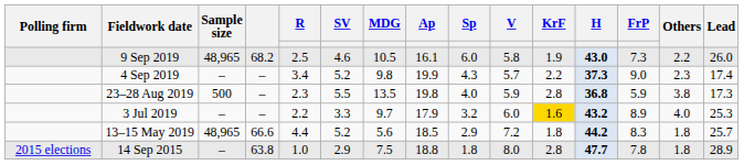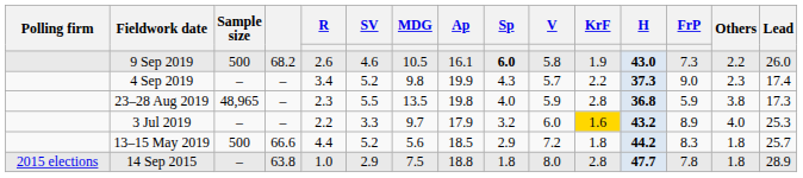 <table class="wikitable sortable" style="text-align:center;font-size:90%;line-height:14px;">
 <tr style="height:40px;">
 <th style="width:100px;" rowspan="2">Polling firm</th>
 <th style="width:100px;" rowspan="2">Fieldwork date</th>
 <th style="width:35px;" rowspan="2">Sample<br>size</th>
 <th style="width:30px;" rowspan="2"></th>
 <th class="unsortable" style="width:40px;"><a href='#'>R</a></th>
 <th class="unsortable" style="width:40px;"><a href='#'>SV</a></th>
 <th class="unsortable" style="width:40px;"><a href='#'>MDG</a></th>
 <th class="unsortable" style="width:40px;"><a href='#'>Ap</a></th>
 <th class="unsortable" style="width:40px;"><a href='#'>Sp</a></th>
 <th class="unsortable" style="width:40px;"><a href='#'>V</a></th>
 <th class="unsortable" style="width:40px;"><a href='#'>KrF</a></th>
 <th class="unsortable" style="width:40px;"><a href='#'>H</a></th>
 <th class="unsortable" style="width:40px;"><a href='#'>FrP</a></th>
 <th class="unsortable" style="width:30px;" rowspan="2">Others</th>
 <th style="width:30px;" rowspan="2">Lead</th>
 </tr>
 <tr>
 <th style="background:"></th>
 <th style="background:"></th>
 <th style="background:"></th>
 <th style="background:"></th>
 <th style="background:"></th>
 <th style="background:"></th>
 <th style="background:"></th>
 <th style="background:"></th>
 <th style="background:"></th>
 </tr>
 <tr style="background:#E9E9E9;">
 <td></td>
 <td data-sort-value="2019-09-09">9 Sep 2019</td>
-<td>48,965</td>
+<td>500</td>
 <td>68.2</td>
-<td>2.5</td>
+<td>2.6</td>
 <td>4.6</td>
 <td>10.5</td>
 <td>16.1</td>
-<td>6.0</td>
+<td><strong>6.0</strong></td>
 <td>5.8</td>
 <td>1.9</td>
 <td style="background:#DCE7F3;"><strong>43.0</strong></td>
 <td>7.3</td>
 <td>2.2</td>
 <td style="background:">26.0</td>
 </tr>
 <tr>
 <td></td>
 <td data-sort-value="2019-09-04">4 Sep 2019</td>
 <td>–</td>
 <td>–</td>
 <td>3.4</td>
 <td>5.2</td>
 <td>9.8</td>
 <td>19.9</td>
 <td>4.3</td>
 <td>5.7</td>
 <td>2.2</td>
 <td style="background:#DCE7F3;"><strong>37.3</strong></td>
 <td>9.0</td>
 <td>2.3</td>
 <td style="background:">17.4</td>
 </tr>
 <tr>
 <td></td>
 <td data-sort-value="2019-09-03">23–28 Aug 2019</td>
-<td>500</td>
+<td>48,965</td>
 <td>–</td>
 <td>2.3</td>
 <td>5.5</td>
 <td>13.5</td>
 <td>19.8</td>
 <td>4.0</td>
 <td>5.9</td>
 <td>2.8</td>
 <td style="background:#DCE7F3;"><strong>36.8</strong></td>
 <td>5.9</td>
 <td>3.8</td>
 <td style="background:">17.3</td>
 </tr>
 <tr>
 <td></td>
 <td data-sort-value="2019-07-03">3 Jul 2019</td>
 <td>–</td>
 <td>–</td>
 <td>2.2</td>
 <td>3.3</td>
 <td>9.7</td>
 <td>17.9</td>
 <td>3.2</td>
 <td>6.0</td>
 <td style="background: gold;">1.6</td>
 <td style="background:#DCE7F3;"><strong>43.2</strong></td>
 <td>8.9</td>
 <td>4.0</td>
 <td style="background:">25.3</td>
 </tr>
 <tr>
 <td></td>
 <td data-sort-value="2019-05-15">13–15 May 2019</td>
-<td>48,965</td>
+<td>500</td>
 <td>66.6</td>
 <td>4.4</td>
 <td>5.2</td>
 <td>5.6</td>
 <td>18.5</td>
 <td>2.9</td>
 <td>7.2</td>
 <td>1.8</td>
 <td style="background:#DCE7F3;"><strong>44.2</strong></td>
 <td>8.3</td>
 <td>1.8</td>
 <td style="background:">25.7</td>
 </tr>
 <tr style="background:#E9E9E9;">
 <td><a href='#'>2015 elections</a></td>
 <td data-sort-value="2015-09-14">14 Sep 2015</td>
 <td>–</td>
 <td>63.8</td>
 <td>1.0</td>
 <td>2.9</td>
 <td>7.5</td>
 <td>18.8</td>
 <td>1.8</td>
 <td>8.0</td>
 <td>2.8</td>
 <td style="background:#DCE7F3;"><strong>47.7</strong></td>
 <td>7.8</td>
 <td>1.8</td>
 <td style="background:">28.9</td>
 </tr>
 </table>
